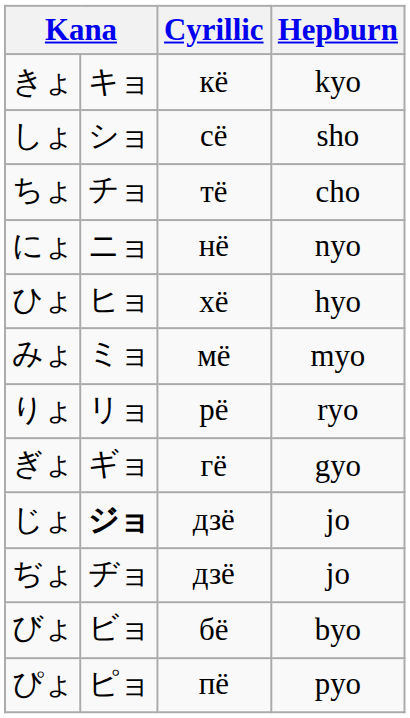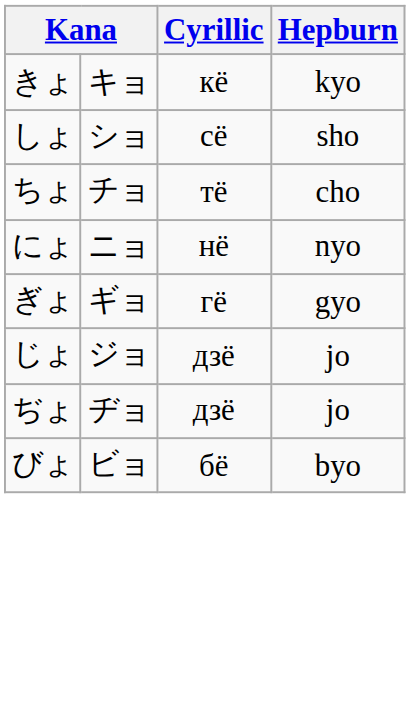 <table class="wikitable" style="text-align:center; display:inline-table;">
 <tr>
 <th colspan="2"><a href='#'>Kana</a></th>
 <th><a href='#'>Cyrillic</a></th>
 <th><a href='#'>Hepburn</a></th>
 </tr>
 <tr>
 <td>きょ</td>
 <td>キョ</td>
 <td>кё</td>
 <td>kyo</td>
 </tr>
 <tr>
 <td>しょ</td>
 <td>ショ</td>
 <td>сё</td>
 <td>sho</td>
 </tr>
 <tr>
 <td>ちょ</td>
 <td>チョ</td>
 <td>тё</td>
 <td>cho</td>
 </tr>
 <tr>
 <td>にょ</td>
 <td>ニョ</td>
 <td>нё</td>
 <td>nyo</td>
 </tr>
 <tr>
-<td>ひょ</td>
-<td>ヒョ</td>
-<td>хё</td>
-<td>hyo</td>
-</tr>
-<tr>
-<td>みょ</td>
-<td>ミョ</td>
-<td>мё</td>
-<td>myo</td>
-</tr>
-<tr>
-<td>りょ</td>
-<td>リョ</td>
-<td>рё</td>
-<td>ryo</td>
-</tr>
-<tr>
 <td>ぎょ</td>
 <td>ギョ</td>
 <td>гё</td>
 <td>gyo</td>
 </tr>
 <tr>
 <td>じょ</td>
-<td><strong>ジョ</strong></td>
+<td>ジョ</td>
 <td>дзё</td>
 <td>jo</td>
 </tr>
 <tr>
 <td>ぢょ</td>
 <td>ヂョ</td>
 <td>дзё</td>
 <td>jo</td>
 </tr>
 <tr>
 <td>びょ</td>
 <td>ビョ</td>
 <td>бё</td>
 <td>byo</td>
 </tr>
-<tr>
-<td>ぴょ</td>
-<td>ピョ</td>
-<td>пё</td>
-<td>pyo</td>
-</tr>
 </table>
